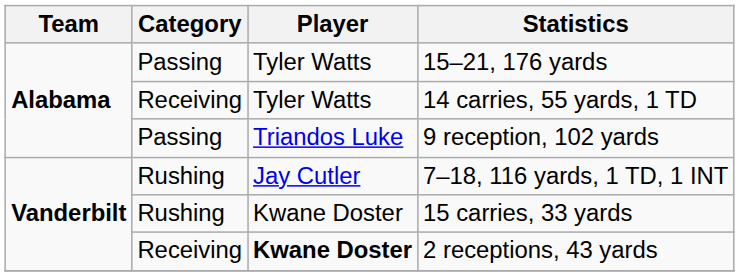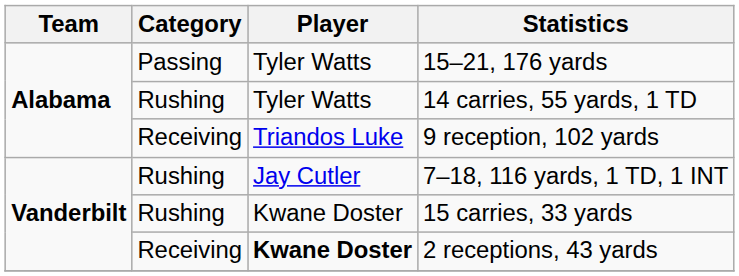 <table class="wikitable" style="float: right;">
 <tr>
 <th>Team</th>
 <th>Category</th>
 <th>Player</th>
 <th>Statistics</th>
 </tr>
 <tr>
 <td rowspan=3><strong>Alabama</strong></td>
 <td>Passing</td>
 <td>Tyler Watts</td>
 <td>15–21, 176 yards</td>
 </tr>
 <tr>
-<td>Receiving</td>
+<td>Rushing</td>
 <td>Tyler Watts</td>
 <td>14 carries, 55 yards, 1 TD</td>
 </tr>
 <tr>
-<td>Passing</td>
+<td>Receiving</td>
 <td><a href='#'>Triandos Luke</a></td>
 <td>9 reception, 102 yards</td>
 </tr>
 <tr>
 <td rowspan=3><strong>Vanderbilt</strong></td>
 <td>Rushing</td>
 <td><a href='#'>Jay Cutler</a></td>
 <td>7–18, 116 yards, 1 TD, 1 INT</td>
 </tr>
 <tr>
 <td>Rushing</td>
 <td>Kwane Doster</td>
 <td>15 carries, 33 yards</td>
 </tr>
 <tr>
 <td>Receiving</td>
 <td><strong>Kwane Doster</strong></td>
 <td>2 receptions, 43 yards</td>
 </tr>
 <tr>
 </tr>
 </table>
